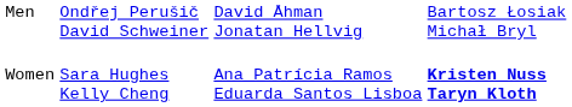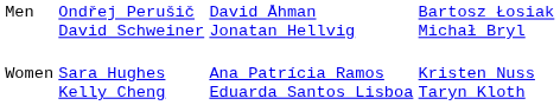 <table>
 <tr>
 <td>Men<br></td>
 <td><br><a href='#'>Ondřej Perušič</a><br><a href='#'>David Schweiner</a></td>
 <td><br><a href='#'>David Åhman</a><br><a href='#'>Jonatan Hellvig</a></td>
 <td><br><a href='#'>Bartosz Łosiak</a><br><a href='#'>Michał Bryl</a></td>
 </tr>
 <tr>
 <td>Women<br></td>
 <td><br><a href='#'>Sara Hughes</a><br><a href='#'>Kelly Cheng</a></td>
 <td><br><a href='#'>Ana Patrícia Ramos</a><br><a href='#'>Eduarda Santos Lisboa</a></td>
-<td><strong><br><a href='#'>Kristen Nuss</a><br><a href='#'>Taryn Kloth</a></strong></td>
+<td><br><a href='#'>Kristen Nuss</a><br><a href='#'>Taryn Kloth</a></td>
 </tr>
 </table>
